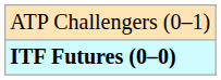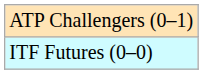 <table class=wikitable style=font-size:97%>
 <tr bgcolor=moccasin>
 <td>ATP Challengers (0–1)</td>
 </tr>
 <tr bgcolor=cffcff>
-<td><strong>ITF Futures (0–0)</strong></td>
+<td>ITF Futures (0–0)</td>
 </tr>
 </table>
